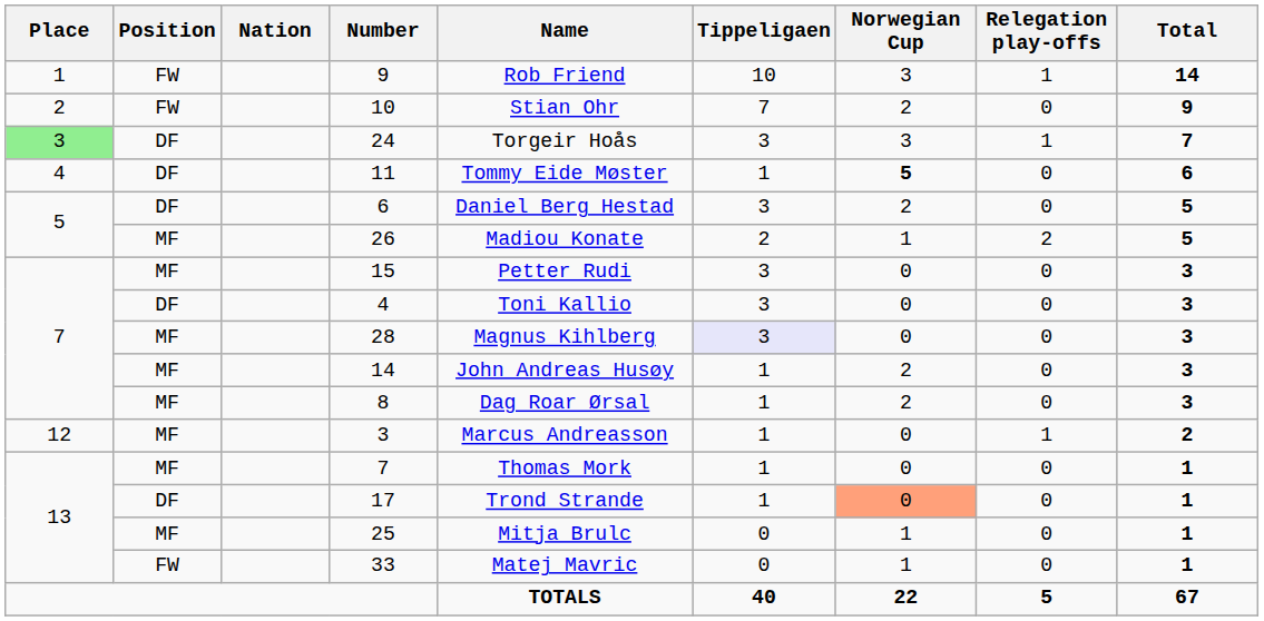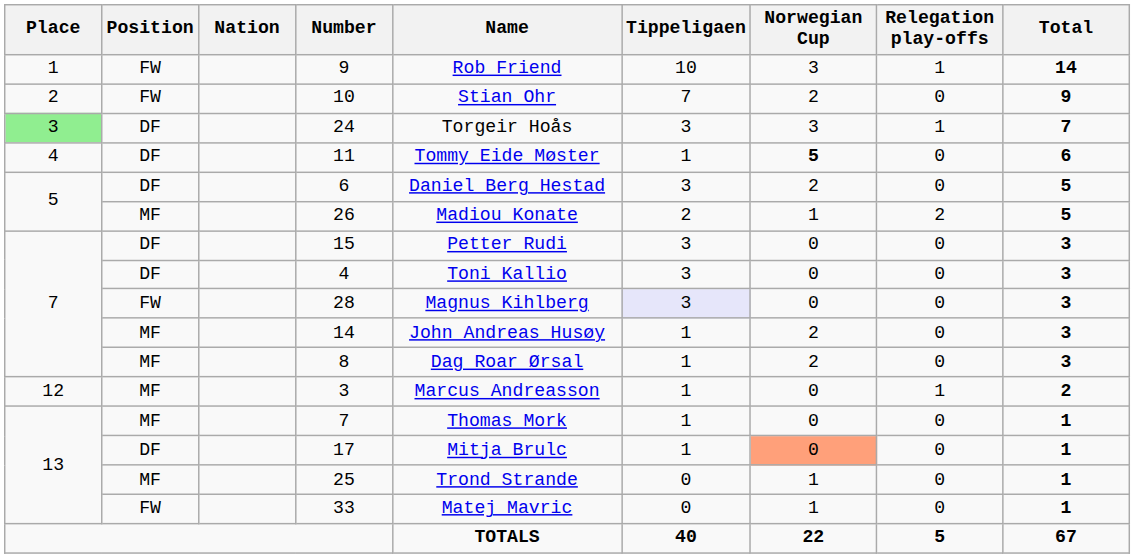 <table class="wikitable" style="font-size: 95%; text-align: center;">
 <tr>
 <th width=60>Place</th>
 <th width=60>Position</th>
 <th width=60>Nation</th>
 <th width=60>Number</th>
 <th width=150>Name</th>
 <th width=80>Tippeligaen</th>
 <th width=80>Norwegian Cup</th>
 <th width=80>Relegation play-offs</th>
 <th width=80><strong>Total</strong></th>
 </tr>
 <tr>
 <td>1</td>
 <td>FW</td>
 <td></td>
 <td>9</td>
 <td><a href='#'>Rob Friend</a></td>
 <td>10</td>
 <td>3</td>
 <td>1</td>
 <td><strong>14</strong></td>
 </tr>
 <tr>
 <td>2</td>
 <td>FW</td>
 <td></td>
 <td>10</td>
 <td><a href='#'>Stian Ohr</a></td>
 <td>7</td>
 <td>2</td>
 <td>0</td>
 <td><strong>9</strong></td>
 </tr>
 <tr>
 <td style="background: lightgreen;">3</td>
 <td>DF</td>
 <td></td>
 <td>24</td>
 <td>Torgeir Hoås</td>
 <td>3</td>
 <td>3</td>
 <td>1</td>
 <td><strong>7</strong></td>
 </tr>
 <tr>
 <td>4</td>
 <td>DF</td>
 <td></td>
 <td>11</td>
 <td><a href='#'>Tommy Eide Møster</a></td>
 <td>1</td>
 <td><strong>5</strong></td>
 <td>0</td>
 <td><strong>6</strong></td>
 </tr>
 <tr>
 <td rowspan="2">5</td>
 <td>DF</td>
 <td></td>
 <td>6</td>
 <td><a href='#'>Daniel Berg Hestad</a></td>
 <td>3</td>
 <td>2</td>
 <td>0</td>
 <td><strong>5</strong></td>
 </tr>
 <tr>
 <td>MF</td>
 <td></td>
 <td>26</td>
 <td><a href='#'>Madiou Konate</a></td>
 <td>2</td>
 <td>1</td>
 <td>2</td>
 <td><strong>5</strong></td>
 </tr>
 <tr>
 <td rowspan="5">7</td>
-<td>MF</td>
+<td>DF</td>
 <td></td>
 <td>15</td>
 <td><a href='#'>Petter Rudi</a></td>
 <td>3</td>
 <td>0</td>
 <td>0</td>
 <td><strong>3</strong></td>
 </tr>
 <tr>
 <td>DF</td>
 <td></td>
 <td>4</td>
 <td><a href='#'>Toni Kallio</a></td>
 <td>3</td>
 <td>0</td>
 <td>0</td>
 <td><strong>3</strong></td>
 </tr>
 <tr>
-<td>MF</td>
+<td>FW</td>
 <td></td>
 <td>28</td>
 <td><a href='#'>Magnus Kihlberg</a></td>
 <td style="background: lavender;">3</td>
 <td>0</td>
 <td>0</td>
 <td><strong>3</strong></td>
 </tr>
 <tr>
 <td>MF</td>
 <td></td>
 <td>14</td>
 <td><a href='#'>John Andreas Husøy</a></td>
 <td>1</td>
 <td>2</td>
 <td>0</td>
 <td><strong>3</strong></td>
 </tr>
 <tr>
 <td>MF</td>
 <td></td>
 <td>8</td>
 <td><a href='#'>Dag Roar Ørsal</a></td>
 <td>1</td>
 <td>2</td>
 <td>0</td>
 <td><strong>3</strong></td>
 </tr>
 <tr>
 <td>12</td>
 <td>MF</td>
 <td></td>
 <td>3</td>
 <td><a href='#'>Marcus Andreasson</a></td>
 <td>1</td>
 <td>0</td>
 <td>1</td>
 <td><strong>2</strong></td>
 </tr>
 <tr>
 <td rowspan="4">13</td>
 <td>MF</td>
 <td></td>
 <td>7</td>
 <td><a href='#'>Thomas Mork</a></td>
 <td>1</td>
 <td>0</td>
 <td>0</td>
 <td><strong>1</strong></td>
 </tr>
 <tr>
 <td>DF</td>
 <td></td>
 <td>17</td>
-<td><a href='#'>Trond Strande</a></td>
+<td><a href='#'>Mitja Brulc</a></td>
 <td>1</td>
 <td style="background: lightsalmon;">0</td>
 <td>0</td>
 <td><strong>1</strong></td>
 </tr>
 <tr>
 <td>MF</td>
 <td></td>
 <td>25</td>
-<td><a href='#'>Mitja Brulc</a></td>
+<td><a href='#'>Trond Strande</a></td>
 <td>0</td>
 <td>1</td>
 <td>0</td>
 <td><strong>1</strong></td>
 </tr>
 <tr>
 <td>FW</td>
 <td></td>
 <td>33</td>
 <td><a href='#'>Matej Mavric</a></td>
 <td>0</td>
 <td>1</td>
 <td>0</td>
 <td><strong>1</strong></td>
 </tr>
 <tr>
 <td colspan="4"></td>
 <td><strong>TOTALS</strong></td>
 <td><strong>40</strong></td>
 <td><strong>22</strong></td>
 <td><strong>5</strong></td>
 <td><strong>67</strong></td>
 </tr>
 </table>
